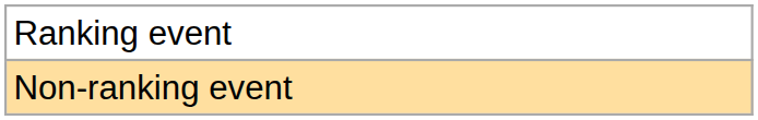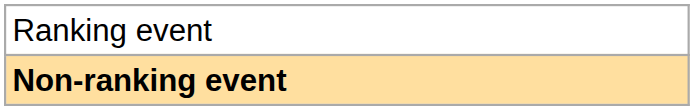 <table class="wikitable" style="font-size:90%; width:25%;">
 <tr style="background:#ffffff;">
 <td>Ranking event</td>
 </tr>
 <tr style="background:#ffdf9f;">
-<td> Non-ranking event</td>
+<td><strong> Non-ranking event</strong></td>
 </tr>
 </table>
